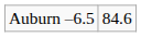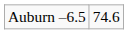 <table class="wikitable" style="margin-left: auto; margin-right: auto; border: none; display: inline-table;">
 <tr align="center">
 </tr>
 <tr align="center">
 <td>Auburn –6.5</td>
-<td>84.6</td>
+<td>74.6</td>
 </tr>
 </table>
